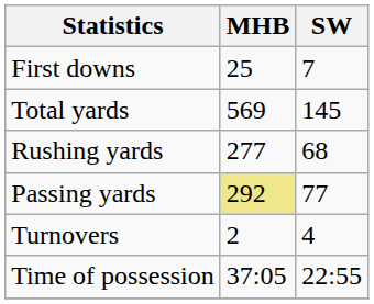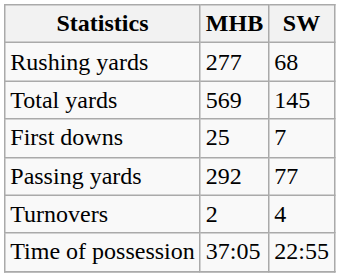 <table class="wikitable" style="float: left;">
 <tr>
 <th>Statistics</th>
 <th>MHB</th>
 <th>SW</th>
 </tr>
 <tr>
-<td>First downs</td>
-<td>25</td>
-<td>7</td>
+<td>Rushing yards</td>
+<td>277</td>
+<td>68</td>
 </tr>
 <tr>
 <td>Total yards</td>
 <td>569</td>
 <td>145</td>
 </tr>
 <tr>
-<td>Rushing yards</td>
-<td>277</td>
-<td>68</td>
+<td>First downs</td>
+<td>25</td>
+<td>7</td>
 </tr>
 <tr>
 <td>Passing yards</td>
-<td style="background: khaki;">292</td>
+<td>292</td>
 <td>77</td>
 </tr>
 <tr>
 <td>Turnovers</td>
 <td>2</td>
 <td>4</td>
 </tr>
 <tr>
 <td>Time of possession</td>
 <td>37:05</td>
 <td>22:55</td>
 </tr>
 <tr>
 </tr>
 </table>
